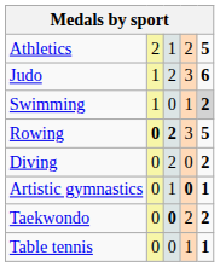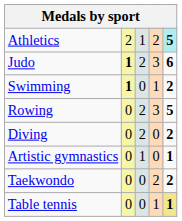 <table class="wikitable" style="font-size:90%; text-align:center;">
 <tr>
 <th colspan="5">Medals by sport</th>
 </tr>
 <tr>
 <td align="left"><a href='#'>Athletics</a></td>
 <td style="background:#F7F6A8;">2</td>
 <td style="background:#DCE5E5;">1</td>
 <td style="background:#FFDAB9;">2</td>
-<td><strong>5</strong></td>
+<td style="background: paleturquoise;"><strong>5</strong></td>
 </tr>
 <tr>
 <td align="left"><a href='#'>Judo</a></td>
-<td style="background:#F7F6A8;">1</td>
+<td style="background:#F7F6A8;"><strong>1</strong></td>
 <td style="background:#DCE5E5;">2</td>
 <td style="background:#FFDAB9;">3</td>
 <td><strong>6</strong></td>
 </tr>
 <tr>
 <td align="left"><a href='#'>Swimming</a></td>
-<td style="background:#F7F6A8;">1</td>
+<td style="background:#F7F6A8;"><strong>1</strong></td>
 <td style="background:#DCE5E5;">0</td>
 <td style="background:#FFDAB9;">1</td>
-<td style="background: lightgrey;"><strong>2</strong></td>
+<td><strong>2</strong></td>
 </tr>
 <tr>
 <td align="left"><a href='#'>Rowing</a></td>
-<td style="background:#F7F6A8;"><strong>0</strong></td>
-<td style="background:#DCE5E5;"><strong>2</strong></td>
+<td style="background:#F7F6A8;">0</td>
+<td style="background:#DCE5E5;">2</td>
 <td style="background:#FFDAB9;">3</td>
 <td><strong>5</strong></td>
 </tr>
 <tr>
 <td align="left"><a href='#'>Diving</a></td>
 <td style="background:#F7F6A8;">0</td>
 <td style="background:#DCE5E5;">2</td>
 <td style="background:#FFDAB9;">0</td>
 <td><strong>2</strong></td>
 </tr>
 <tr>
 <td align="left"><a href='#'>Artistic gymnastics</a></td>
 <td style="background:#F7F6A8;">0</td>
 <td style="background:#DCE5E5;">1</td>
-<td style="background:#FFDAB9;"><strong>0</strong></td>
+<td style="background:#FFDAB9;">0</td>
 <td><strong>1</strong></td>
 </tr>
 <tr>
 <td align="left"><a href='#'>Taekwondo</a></td>
 <td style="background:#F7F6A8;">0</td>
-<td style="background:#DCE5E5;"><strong>0</strong></td>
+<td style="background:#DCE5E5;">0</td>
 <td style="background:#FFDAB9;">2</td>
 <td><strong>2</strong></td>
 </tr>
 <tr>
 <td align="left"><a href='#'>Table tennis</a></td>
 <td style="background:#F7F6A8;">0</td>
 <td style="background:#DCE5E5;">0</td>
 <td style="background:#FFDAB9;">1</td>
-<td><strong>1</strong></td>
+<td style="background: khaki;"><strong>1</strong></td>
 </tr>
 </table>
